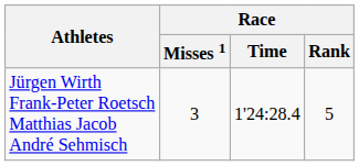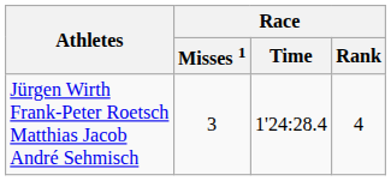 <table class="wikitable" border="1" style="font-size:90%">
 <tr>
 <th rowspan=2>Athletes</th>
 <th colspan=3>Race</th>
 </tr>
 <tr>
 <th>Misses <sup>1</sup></th>
 <th>Time</th>
 <th>Rank</th>
 </tr>
 <tr>
 <td><a href='#'>Jürgen Wirth</a><br><a href='#'>Frank-Peter Roetsch</a><br><a href='#'>Matthias Jacob</a><br><a href='#'>André Sehmisch</a></td>
 <td align=center>3</td>
 <td align=center>1'24:28.4</td>
-<td align=center>5</td>
+<td align=center>4</td>
 </tr>
 </table>
